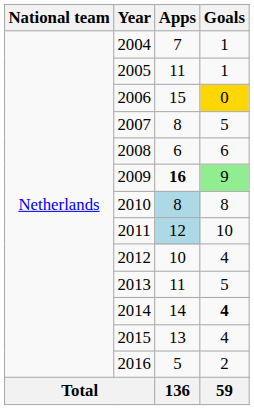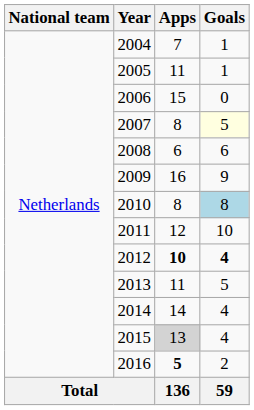 <table class="wikitable" style="text-align:center">
 <tr>
 <th>National team</th>
 <th>Year</th>
 <th>Apps</th>
 <th>Goals</th>
 </tr>
 <tr>
 <td rowspan="13"><a href='#'>Netherlands</a></td>
 <td>2004</td>
 <td>7</td>
 <td>1</td>
 </tr>
 <tr>
 <td>2005</td>
 <td>11</td>
 <td>1</td>
 </tr>
 <tr>
 <td>2006</td>
 <td>15</td>
-<td style="background: gold;">0</td>
+<td>0</td>
 </tr>
 <tr>
 <td>2007</td>
 <td>8</td>
-<td>5</td>
+<td style="background: lightyellow;">5</td>
 </tr>
 <tr>
 <td>2008</td>
 <td>6</td>
 <td>6</td>
 </tr>
 <tr>
 <td>2009</td>
-<td><strong>16</strong></td>
-<td style="background: lightgreen;">9</td>
+<td>16</td>
+<td>9</td>
 </tr>
 <tr>
 <td>2010</td>
+<td>8</td>
 <td style="background: lightblue;">8</td>
-<td>8</td>
 </tr>
 <tr>
 <td>2011</td>
-<td style="background: lightblue;">12</td>
+<td>12</td>
 <td>10</td>
 </tr>
 <tr>
 <td>2012</td>
-<td>10</td>
-<td>4</td>
+<td><strong>10</strong></td>
+<td><strong>4</strong></td>
 </tr>
 <tr>
 <td>2013</td>
 <td>11</td>
 <td>5</td>
 </tr>
 <tr>
 <td>2014</td>
 <td>14</td>
-<td><strong>4</strong></td>
+<td>4</td>
 </tr>
 <tr>
 <td>2015</td>
-<td>13</td>
+<td style="background: lightgrey;">13</td>
 <td>4</td>
 </tr>
 <tr>
 <td>2016</td>
-<td>5</td>
+<td><strong>5</strong></td>
 <td>2</td>
 </tr>
 <tr>
 <th colspan="2">Total</th>
 <th>136</th>
 <th>59</th>
 </tr>
 </table>
